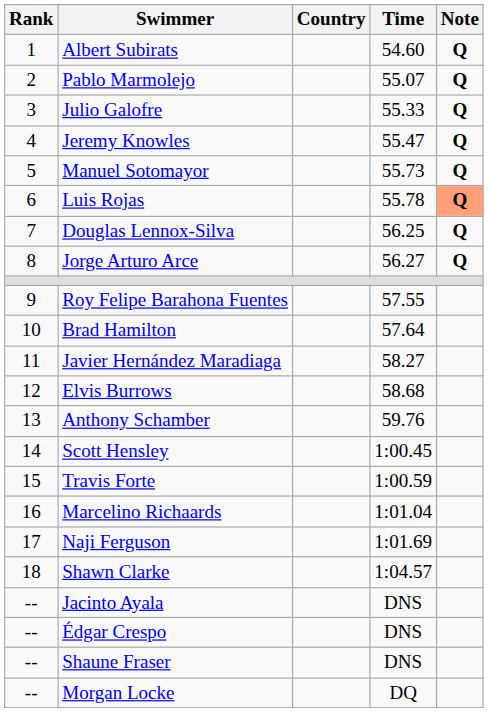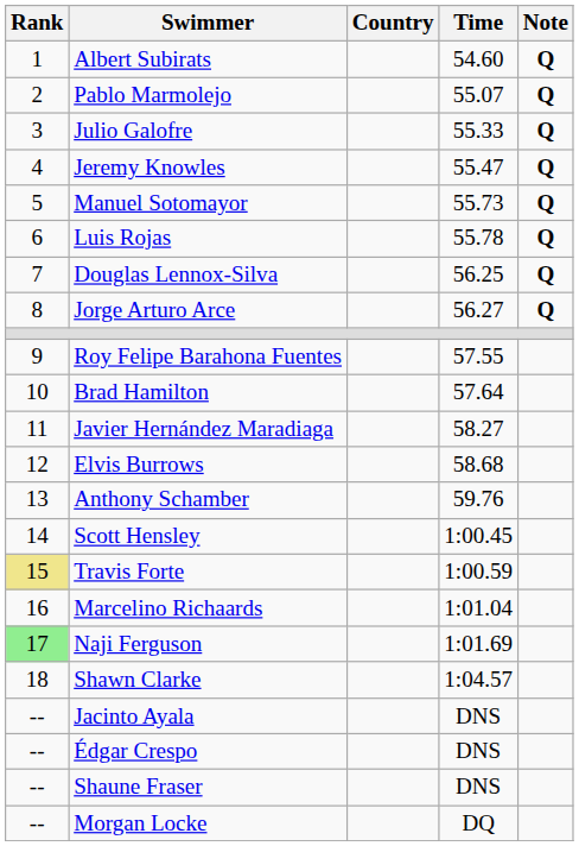 <table class="wikitable" style="text-align:center">
 <tr>
 <th>Rank</th>
 <th>Swimmer</th>
 <th>Country</th>
 <th>Time</th>
 <th>Note</th>
 </tr>
 <tr>
 <td>1</td>
 <td align=left><a href='#'>Albert Subirats</a></td>
 <td align=left></td>
 <td>54.60</td>
 <td><strong>Q</strong></td>
 </tr>
 <tr>
 <td>2</td>
 <td align=left><a href='#'>Pablo Marmolejo</a></td>
 <td align=left></td>
 <td>55.07</td>
 <td><strong>Q</strong></td>
 </tr>
 <tr>
 <td>3</td>
 <td align=left><a href='#'>Julio Galofre</a></td>
 <td align=left></td>
 <td>55.33</td>
 <td><strong>Q</strong></td>
 </tr>
 <tr>
 <td>4</td>
 <td align=left><a href='#'>Jeremy Knowles</a></td>
 <td align=left></td>
 <td>55.47</td>
 <td><strong>Q</strong></td>
 </tr>
 <tr>
 <td>5</td>
 <td align=left><a href='#'>Manuel Sotomayor</a></td>
 <td align=left></td>
 <td>55.73</td>
 <td><strong>Q</strong></td>
 </tr>
 <tr>
 <td>6</td>
 <td align=left><a href='#'>Luis Rojas</a></td>
 <td align=left></td>
 <td>55.78</td>
-<td style="background: lightsalmon;"><strong>Q</strong></td>
+<td><strong>Q</strong></td>
 </tr>
 <tr>
 <td>7</td>
 <td align=left><a href='#'>Douglas Lennox-Silva</a></td>
 <td align=left></td>
 <td>56.25</td>
 <td><strong>Q</strong></td>
 </tr>
 <tr>
 <td>8</td>
 <td align=left><a href='#'>Jorge Arturo Arce</a></td>
 <td align=left></td>
 <td>56.27</td>
 <td><strong>Q</strong></td>
 </tr>
 <tr bgcolor=#DDDDDD>
 <td colspan=5></td>
 </tr>
 <tr>
 <td>9</td>
 <td align=left><a href='#'>Roy Felipe Barahona Fuentes</a></td>
 <td align=left></td>
 <td>57.55</td>
 <td></td>
 </tr>
 <tr>
 <td>10</td>
 <td align=left><a href='#'>Brad Hamilton</a></td>
 <td align=left></td>
 <td>57.64</td>
 <td></td>
 </tr>
 <tr>
 <td>11</td>
 <td align=left><a href='#'>Javier Hernández Maradiaga</a></td>
 <td align=left></td>
 <td>58.27</td>
 <td></td>
 </tr>
 <tr>
 <td>12</td>
 <td align=left><a href='#'>Elvis Burrows</a></td>
 <td align=left></td>
 <td>58.68</td>
 <td></td>
 </tr>
 <tr>
 <td>13</td>
 <td align=left><a href='#'>Anthony Schamber</a></td>
 <td align=left></td>
 <td>59.76</td>
 <td></td>
 </tr>
 <tr>
 <td>14</td>
 <td align=left><a href='#'>Scott Hensley</a></td>
 <td align=left></td>
 <td>1:00.45</td>
 <td></td>
 </tr>
 <tr>
-<td>15</td>
+<td style="background: khaki;">15</td>
 <td align=left><a href='#'>Travis Forte</a></td>
 <td align=left></td>
 <td>1:00.59</td>
 <td></td>
 </tr>
 <tr>
 <td>16</td>
 <td align=left><a href='#'>Marcelino Richaards</a></td>
 <td align=left></td>
 <td>1:01.04</td>
 <td></td>
 </tr>
 <tr>
-<td>17</td>
+<td style="background: lightgreen;">17</td>
 <td align=left><a href='#'>Naji Ferguson</a></td>
 <td align=left></td>
 <td>1:01.69</td>
 <td></td>
 </tr>
 <tr>
 <td>18</td>
 <td align=left><a href='#'>Shawn Clarke</a></td>
 <td align=left></td>
 <td>1:04.57</td>
 <td></td>
 </tr>
 <tr>
 <td>--</td>
 <td align=left><a href='#'>Jacinto Ayala</a></td>
 <td align=left></td>
 <td>DNS</td>
 <td></td>
 </tr>
 <tr>
 <td>--</td>
 <td align=left><a href='#'>Édgar Crespo</a></td>
 <td align=left></td>
 <td>DNS</td>
 <td></td>
 </tr>
 <tr>
 <td>--</td>
 <td align=left><a href='#'>Shaune Fraser</a></td>
 <td align=left></td>
 <td>DNS</td>
 <td></td>
 </tr>
 <tr>
 <td>--</td>
 <td align=left><a href='#'>Morgan Locke</a></td>
 <td align=left></td>
 <td>DQ</td>
 <td></td>
 </tr>
 <tr>
 </tr>
 </table>
